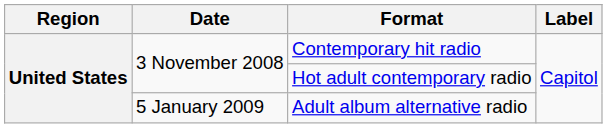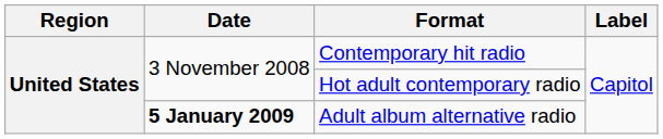 <table class="wikitable plainrowheaders">
 <tr>
 <th scope="col">Region</th>
 <th scope="col">Date</th>
 <th scope="col">Format</th>
 <th scope="col">Label</th>
 </tr>
 <tr>
 <th scope="row" rowspan="3">United States</th>
 <td rowspan="2">3 November 2008</td>
 <td><a href='#'>Contemporary hit radio</a></td>
 <td rowspan="3"><a href='#'>Capitol</a></td>
 </tr>
 <tr>
 <td><a href='#'>Hot adult contemporary</a> radio</td>
 </tr>
 <tr>
-<td>5 January 2009</td>
+<td><strong>5 January 2009</strong></td>
 <td><a href='#'>Adult album alternative</a> radio</td>
 </tr>
 </table>
